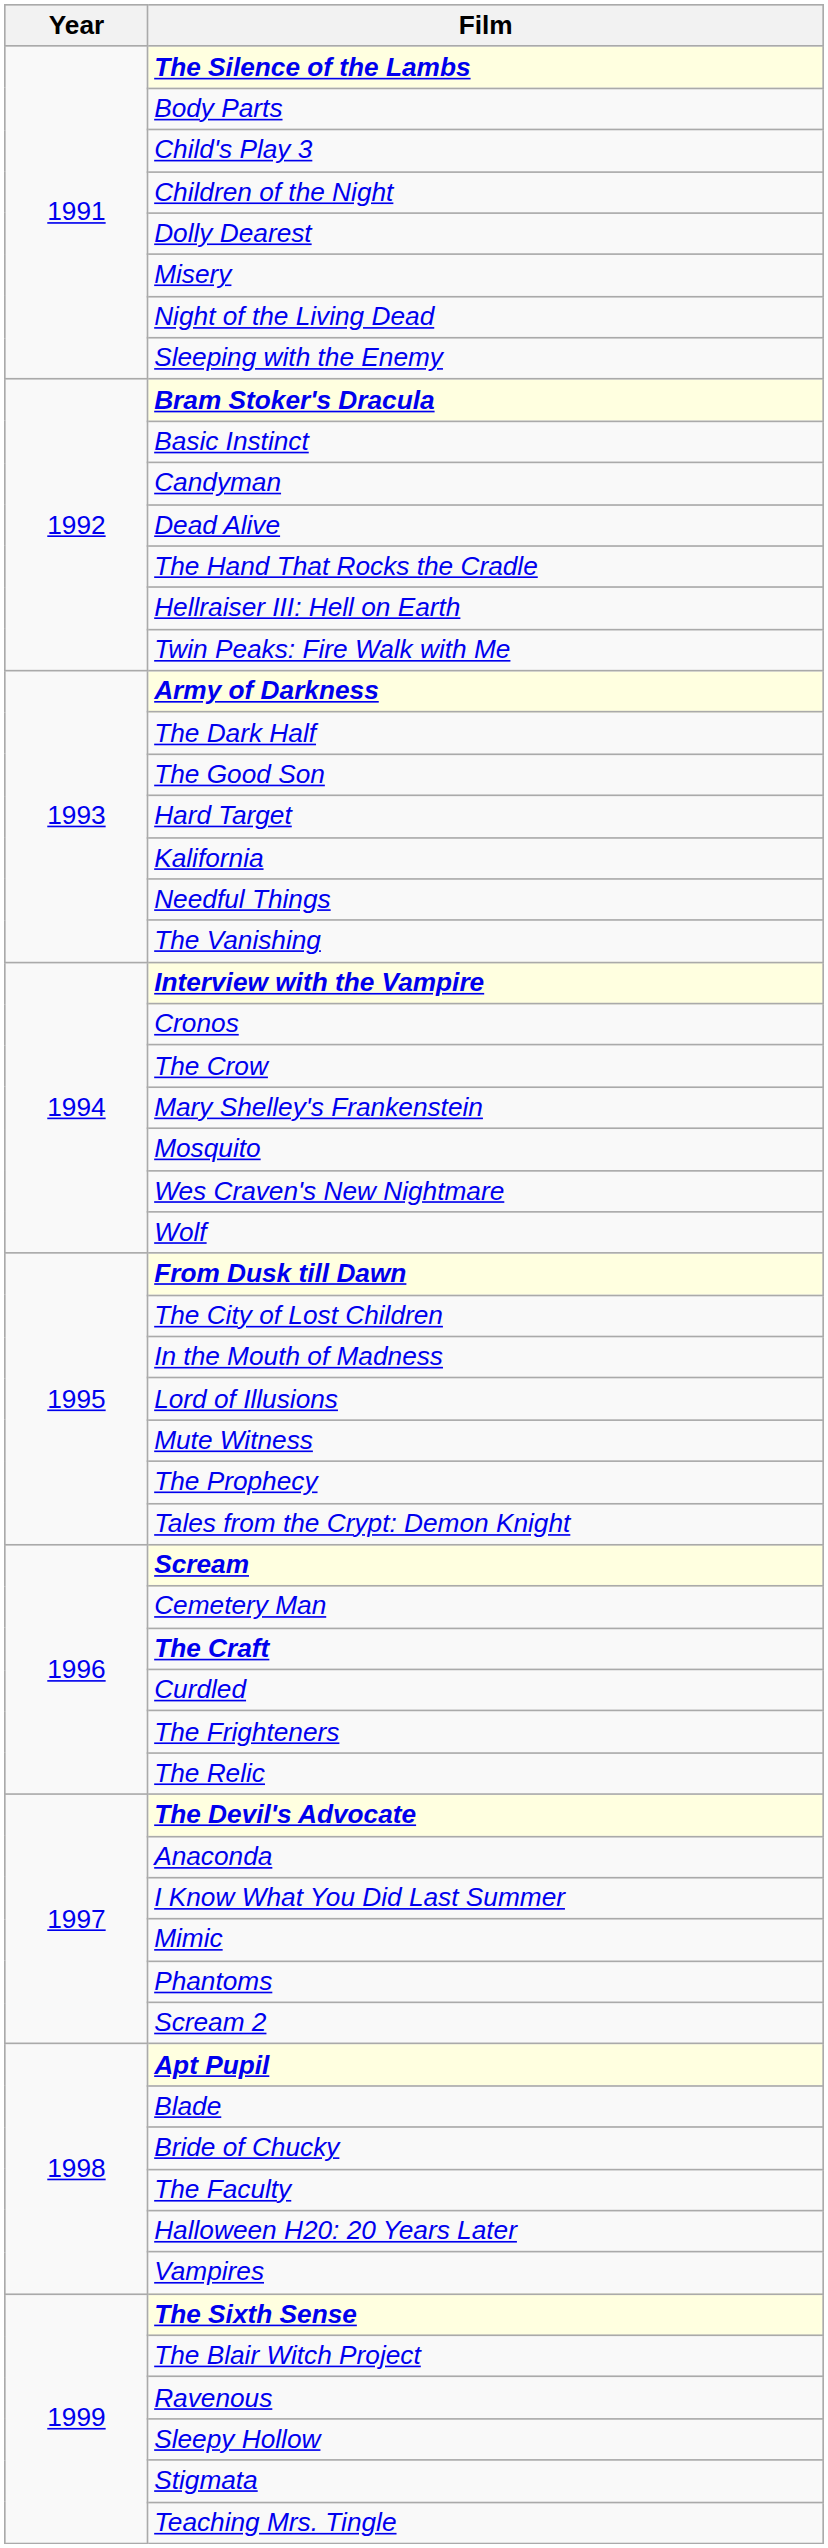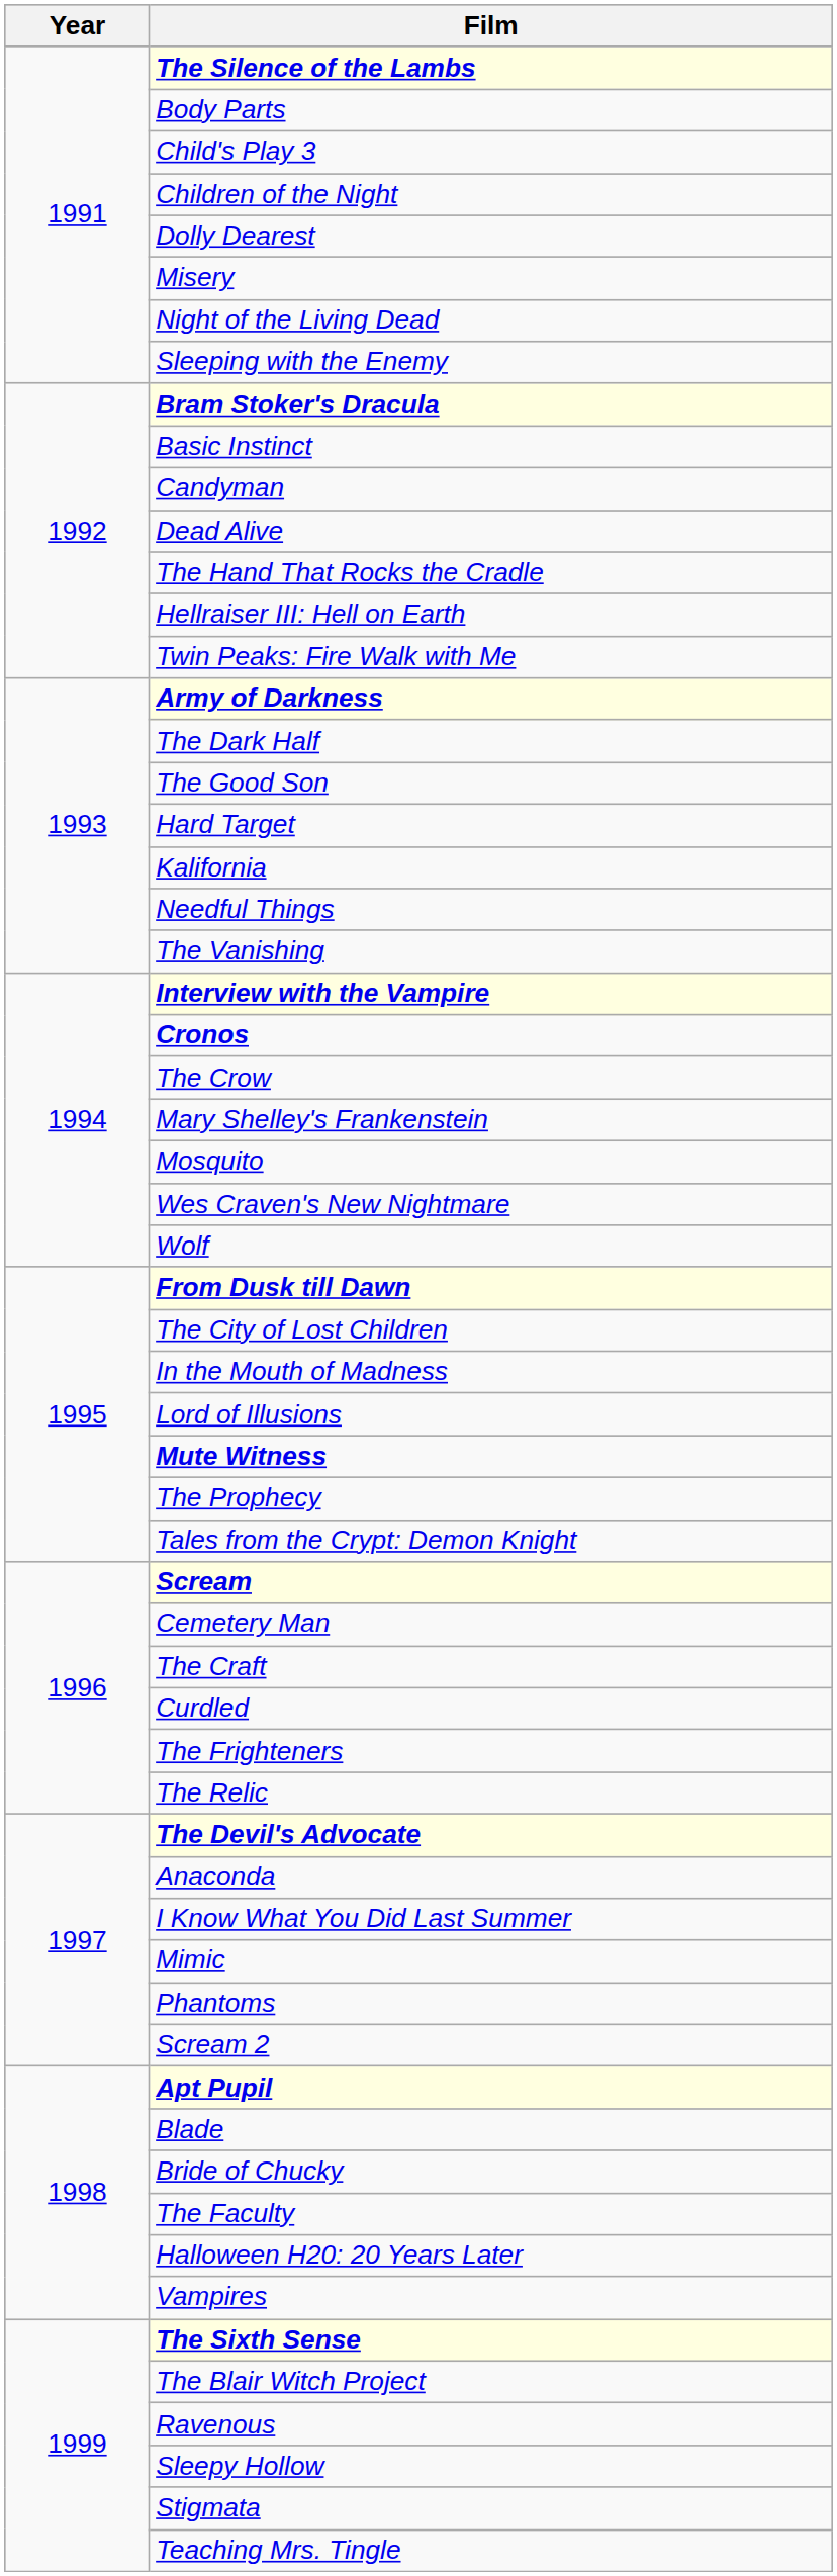 <table width="500" align="centre" class="wikitable">
 <tr>
 <th width="80">Year</th>
 <th>Film</th>
 </tr>
 <tr>
 <td rowspan="8" style="text-align:center;"><a href='#'>1991</a></td>
 <td style="background:lightyellow"><strong><em><a href='#'>The Silence of the Lambs</a></em></strong></td>
 </tr>
 <tr>
 <td><em><a href='#'>Body Parts</a></em></td>
 </tr>
 <tr>
 <td><em><a href='#'>Child's Play 3</a></em></td>
 </tr>
 <tr>
 <td><em><a href='#'>Children of the Night</a></em></td>
 </tr>
 <tr>
 <td><em><a href='#'>Dolly Dearest</a></em></td>
 </tr>
 <tr>
 <td><em><a href='#'>Misery</a></em></td>
 </tr>
 <tr>
 <td><em><a href='#'>Night of the Living Dead</a></em></td>
 </tr>
 <tr>
 <td><em><a href='#'>Sleeping with the Enemy</a></em></td>
 </tr>
 <tr>
 <td rowspan="7" style="text-align:center;"><a href='#'>1992</a></td>
 <td style="background:lightyellow"><strong><em><a href='#'>Bram Stoker's Dracula</a></em></strong></td>
 </tr>
 <tr>
 <td><em><a href='#'>Basic Instinct</a></em></td>
 </tr>
 <tr>
 <td><em><a href='#'>Candyman</a></em></td>
 </tr>
 <tr>
 <td><em><a href='#'>Dead Alive</a></em></td>
 </tr>
 <tr>
 <td><em><a href='#'>The Hand That Rocks the Cradle</a></em></td>
 </tr>
 <tr>
 <td><em><a href='#'>Hellraiser III: Hell on Earth</a></em></td>
 </tr>
 <tr>
 <td><em><a href='#'>Twin Peaks: Fire Walk with Me</a></em></td>
 </tr>
 <tr>
 <td rowspan="7" style="text-align:center;"><a href='#'>1993</a></td>
 <td style="background:lightyellow"><strong><em><a href='#'>Army of Darkness</a></em></strong></td>
 </tr>
 <tr>
 <td><em><a href='#'>The Dark Half</a></em></td>
 </tr>
 <tr>
 <td><em><a href='#'>The Good Son</a></em></td>
 </tr>
 <tr>
 <td><em><a href='#'>Hard Target</a></em></td>
 </tr>
 <tr>
 <td><em><a href='#'>Kalifornia</a></em></td>
 </tr>
 <tr>
 <td><em><a href='#'>Needful Things</a></em></td>
 </tr>
 <tr>
 <td><em><a href='#'>The Vanishing</a></em></td>
 </tr>
 <tr>
 <td rowspan="7" style="text-align:center;"><a href='#'>1994</a></td>
 <td style="background:lightyellow"><strong><em><a href='#'>Interview with the Vampire</a></em></strong></td>
 </tr>
 <tr>
-<td><em><a href='#'>Cronos</a></em></td>
+<td><strong><em><a href='#'>Cronos</a></em></strong></td>
 </tr>
 <tr>
 <td><em><a href='#'>The Crow</a></em></td>
 </tr>
 <tr>
 <td><em><a href='#'>Mary Shelley's Frankenstein</a></em></td>
 </tr>
 <tr>
 <td><em><a href='#'>Mosquito</a></em></td>
 </tr>
 <tr>
 <td><em><a href='#'>Wes Craven's New Nightmare</a></em></td>
 </tr>
 <tr>
 <td><em><a href='#'>Wolf</a></em></td>
 </tr>
 <tr>
 <td rowspan="7" style="text-align:center;"><a href='#'>1995</a></td>
 <td style="background:lightyellow"><strong><em><a href='#'>From Dusk till Dawn</a></em></strong></td>
 </tr>
 <tr>
 <td><em><a href='#'>The City of Lost Children</a></em></td>
 </tr>
 <tr>
 <td><em><a href='#'>In the Mouth of Madness</a></em></td>
 </tr>
 <tr>
 <td><em><a href='#'>Lord of Illusions</a></em></td>
 </tr>
 <tr>
-<td><em><a href='#'>Mute Witness</a></em></td>
+<td><strong><em><a href='#'>Mute Witness</a></em></strong></td>
 </tr>
 <tr>
 <td><em><a href='#'>The Prophecy</a></em></td>
 </tr>
 <tr>
 <td><em><a href='#'>Tales from the Crypt: Demon Knight</a></em></td>
 </tr>
 <tr>
 <td rowspan="6" style="text-align:center;"><a href='#'>1996</a></td>
 <td style="background:lightyellow"><strong><em><a href='#'>Scream</a></em></strong></td>
 </tr>
 <tr>
 <td><em><a href='#'>Cemetery Man</a></em></td>
 </tr>
 <tr>
-<td><strong><em><a href='#'>The Craft</a></em></strong></td>
+<td><em><a href='#'>The Craft</a></em></td>
 </tr>
 <tr>
 <td><em><a href='#'>Curdled</a></em></td>
 </tr>
 <tr>
 <td><em><a href='#'>The Frighteners</a></em></td>
 </tr>
 <tr>
 <td><em><a href='#'>The Relic</a></em></td>
 </tr>
 <tr>
 <td rowspan="6" style="text-align:center;"><a href='#'>1997</a></td>
 <td style="background:lightyellow"><strong><em><a href='#'>The Devil's Advocate</a></em></strong></td>
 </tr>
 <tr>
 <td><em><a href='#'>Anaconda</a></em></td>
 </tr>
 <tr>
 <td><em><a href='#'>I Know What You Did Last Summer</a></em></td>
 </tr>
 <tr>
 <td><em><a href='#'>Mimic</a></em></td>
 </tr>
 <tr>
 <td><em><a href='#'>Phantoms</a></em></td>
 </tr>
 <tr>
 <td><em><a href='#'>Scream 2</a></em></td>
 </tr>
 <tr>
 <td rowspan="6" style="text-align:center;"><a href='#'>1998</a></td>
 <td style="background:lightyellow"><strong><em><a href='#'>Apt Pupil</a></em></strong></td>
 </tr>
 <tr>
 <td><em><a href='#'>Blade</a></em></td>
 </tr>
 <tr>
 <td><em><a href='#'>Bride of Chucky</a></em></td>
 </tr>
 <tr>
 <td><em><a href='#'>The Faculty</a></em></td>
 </tr>
 <tr>
 <td><em><a href='#'>Halloween H20: 20 Years Later</a></em></td>
 </tr>
 <tr>
 <td><em><a href='#'>Vampires</a></em></td>
 </tr>
 <tr>
 <td rowspan="6" style="text-align:center;"><a href='#'>1999</a></td>
 <td style="background:lightyellow"><strong><em><a href='#'>The Sixth Sense</a></em></strong></td>
 </tr>
 <tr>
 <td><em><a href='#'>The Blair Witch Project</a></em></td>
 </tr>
 <tr>
 <td><em><a href='#'>Ravenous</a></em></td>
 </tr>
 <tr>
 <td><em><a href='#'>Sleepy Hollow</a></em></td>
 </tr>
 <tr>
 <td><em><a href='#'>Stigmata</a></em></td>
 </tr>
 <tr>
 <td><em><a href='#'>Teaching Mrs. Tingle</a></em></td>
 </tr>
 </table>
